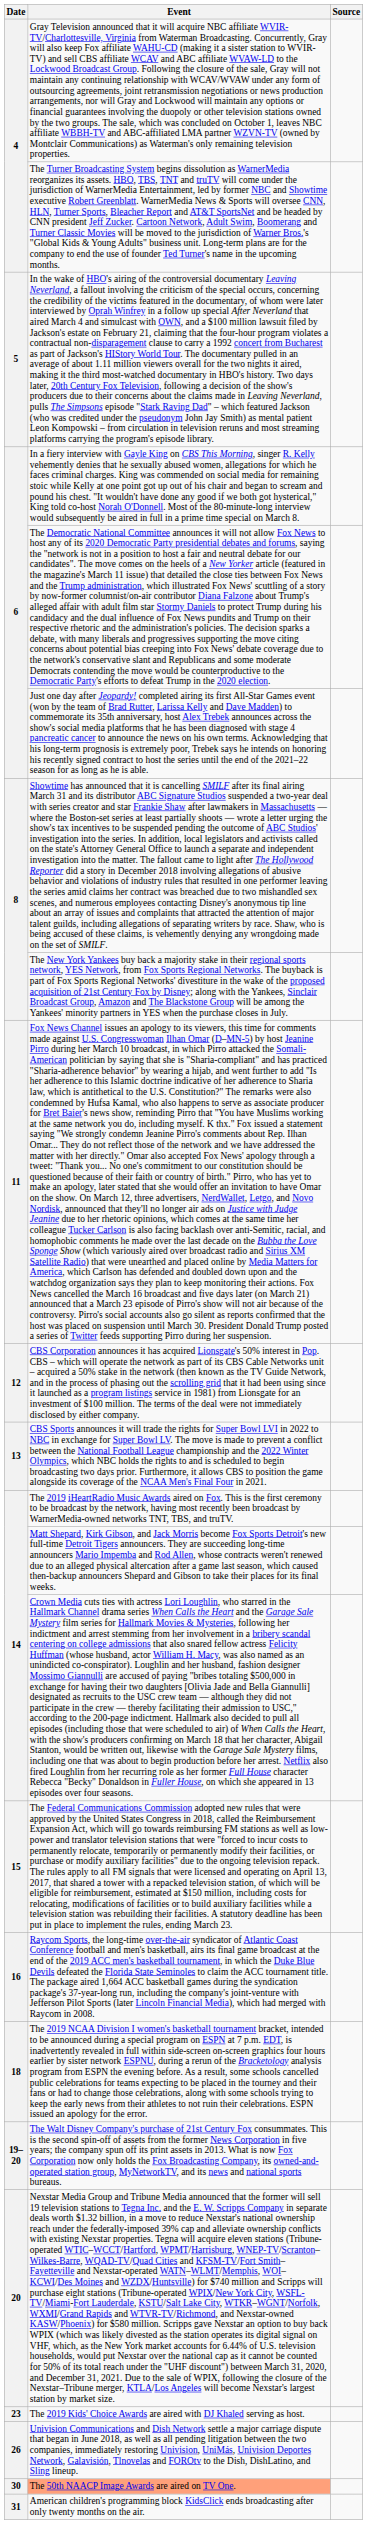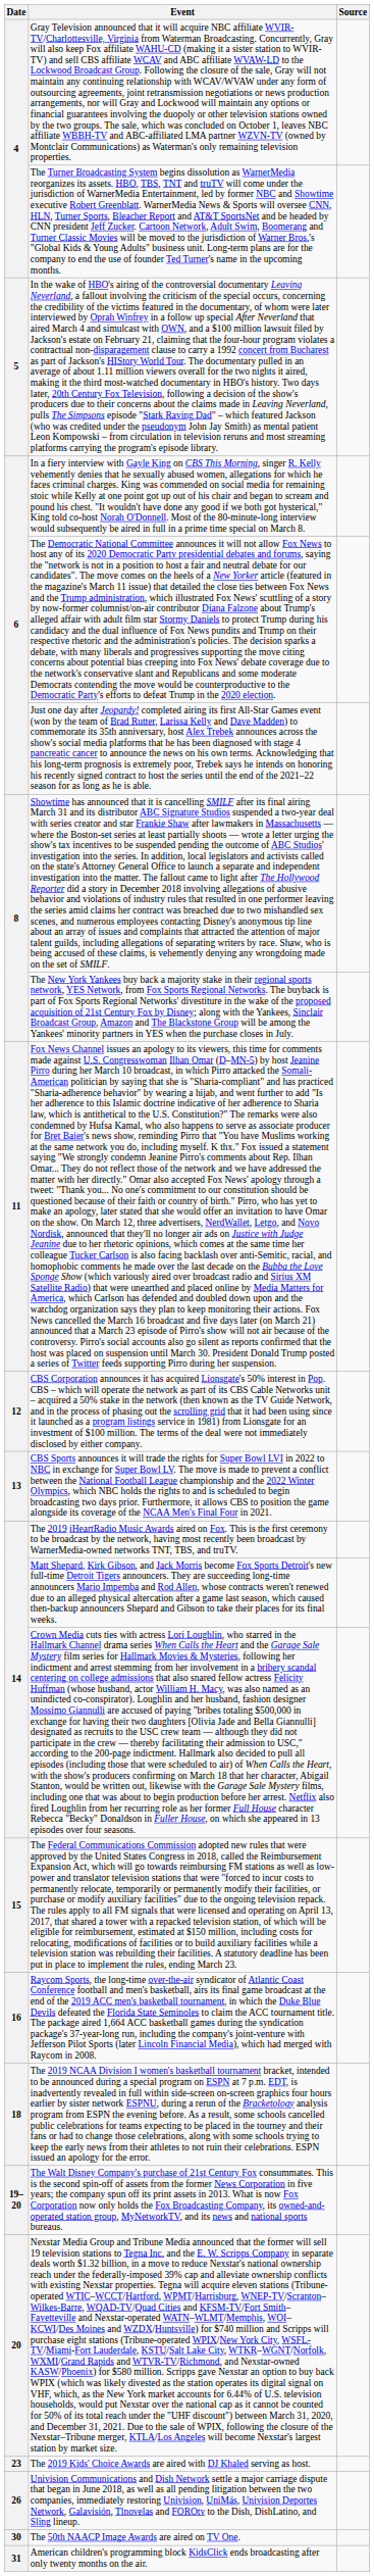 <table class="wikitable">
 <tr>
 <th>Date</th>
 <th>Event</th>
 <th>Source</th>
 </tr>
 <tr>
 <th rowspan=2>4</th>
 <td>Gray Television announced that it will acquire NBC affiliate <a href='#'>WVIR-TV</a>/<a href='#'>Charlottesville, Virginia</a> from Waterman Broadcasting. Concurrently, Gray will also keep Fox affiliate <a href='#'>WAHU-CD</a> (making it a sister station to WVIR-TV) and sell CBS affiliate <a href='#'>WCAV</a> and ABC affiliate <a href='#'>WVAW-LD</a> to the <a href='#'>Lockwood Broadcast Group</a>. Following the closure of the sale, Gray will not maintain any continuing relationship with WCAV/WVAW under any form of outsourcing agreements, joint retransmission negotiations or news production arrangements, nor will Gray and Lockwood will maintain any options or financial guarantees involving the duopoly or other television stations owned by the two groups. The sale, which was concluded on October 1, leaves NBC affiliate <a href='#'>WBBH-TV</a> and ABC-affiliated LMA partner <a href='#'>WZVN-TV</a> (owned by Montclair Communications) as Waterman's only remaining television properties.</td>
 <td><br></td>
 </tr>
 <tr>
 <td>The <a href='#'>Turner Broadcasting System</a> begins dissolution as <a href='#'>WarnerMedia</a> reorganizes its assets. <a href='#'>HBO</a>, <a href='#'>TBS</a>, <a href='#'>TNT</a> and <a href='#'>truTV</a> will come under the jurisdiction of WarnerMedia Entertainment, led by former <a href='#'>NBC</a> and <a href='#'>Showtime</a> executive <a href='#'>Robert Greenblatt</a>. WarnerMedia News & Sports will oversee <a href='#'>CNN</a>, <a href='#'>HLN</a>, <a href='#'>Turner Sports</a>, <a href='#'>Bleacher Report</a> and <a href='#'>AT&T SportsNet</a> and be headed by CNN president <a href='#'>Jeff Zucker</a>. <a href='#'>Cartoon Network</a>, <a href='#'>Adult Swim</a>, <a href='#'>Boomerang</a> and <a href='#'>Turner Classic Movies</a> will be moved to the jurisdiction of <a href='#'>Warner Bros.</a>'s "Global Kids & Young Adults" business unit. Long-term plans are for the company to end the use of founder <a href='#'>Ted Turner</a>'s name in the upcoming months.</td>
 <td></td>
 </tr>
 <tr>
 <th>5</th>
 <td>In the wake of <a href='#'>HBO</a>'s airing of the controversial documentary <em><a href='#'>Leaving Neverland</a></em>, a fallout involving the criticism of the special occurs, concerning the credibility of the victims featured in the documentary, of whom were later interviewed by <a href='#'>Oprah Winfrey</a> in a follow up special <em>After Neverland</em> that aired March 4 and simulcast with <a href='#'>OWN</a>, and a $100 million lawsuit filed by Jackson's estate on February 21, claiming that the four-hour program violates a contractual non-<a href='#'>disparagement</a> clause to carry a 1992 <a href='#'>concert from Bucharest</a> as part of Jackson's <a href='#'>HIStory World Tour</a>. The documentary pulled in an average of about 1.11 million viewers overall for the two nights it aired, making it the third most-watched documentary in HBO's history. Two days later, <a href='#'>20th Century Fox Television</a>, following a decision of the show's producers due to their concerns about the claims made in <em>Leaving Neverland</em>, pulls <em><a href='#'>The Simpsons</a></em> episode "<a href='#'>Stark Raving Dad</a>" – which featured Jackson (who was credited under the <a href='#'>pseudonym</a> John Jay Smith) as mental patient Leon Kompowski – from circulation in television reruns and most streaming platforms carrying the program's episode library.</td>
 <td><br><br></td>
 </tr>
 <tr>
 <th rowspan=3>6</th>
 <td>In a fiery interview with <a href='#'>Gayle King</a> on <em><a href='#'>CBS This Morning</a></em>, singer <a href='#'>R. Kelly</a> vehemently denies that he sexually abused women, allegations for which he faces criminal charges. King was commended on social media for remaining stoic while Kelly at one point got up out of his chair and began to scream and pound his chest. "It wouldn't have done any good if we both got hysterical," King told co-host <a href='#'>Norah O'Donnell</a>. Most of the 80-minute-long interview would subsequently be aired in full in a prime time special on March 8.</td>
 <td></td>
 </tr>
 <tr>
 <td>The <a href='#'>Democratic National Committee</a> announces it will not allow <a href='#'>Fox News</a> to host any of its <a href='#'>2020 Democratic Party presidential debates and forums</a>, saying the "network is not in a position to host a fair and neutral debate for our candidates". The move comes on the heels of a <em><a href='#'>New Yorker</a></em> article (featured in the magazine's March 11 issue) that detailed the close ties between Fox News and the <a href='#'>Trump administration</a>, which illustrated Fox News' scuttling of a story by now-former columnist/on-air contributor <a href='#'>Diana Falzone</a> about Trump's alleged affair with adult film star <a href='#'>Stormy Daniels</a> to protect Trump during his candidacy and the dual influence of Fox News pundits and Trump on their respective rhetoric and the administration's policies. The decision sparks a debate, with many liberals and progressives supporting the move citing concerns about potential bias creeping into Fox News' debate coverage due to the network's conservative slant and Republicans and some moderate Democrats contending the move would be counterproductive to the <a href='#'>Democratic Party</a>'s efforts to defeat Trump in the <a href='#'>2020 election</a>.</td>
 <td><br></td>
 </tr>
 <tr>
 <td>Just one day after <em><a href='#'>Jeopardy!</a></em> completed airing its first All-Star Games event (won by the team of <a href='#'>Brad Rutter</a>, <a href='#'>Larissa Kelly</a> and <a href='#'>Dave Madden</a>) to commemorate its 35th anniversary, host <a href='#'>Alex Trebek</a> announces across the show's social media platforms that he has been diagnosed with stage 4 <a href='#'>pancreatic cancer</a> to announce the news on his own terms. Acknowledging that his long-term prognosis is extremely poor, Trebek says he intends on honoring his recently signed contract to host the series until the end of the 2021–22 season for as long as he is able.</td>
 <td></td>
 </tr>
 <tr>
 <th rowspan=2>8</th>
 <td><a href='#'>Showtime</a> has announced that it is cancelling <em><a href='#'>SMILF</a></em> after its final airing March 31 and its distributor <a href='#'>ABC Signature Studios</a> suspended a two-year deal with series creator and star <a href='#'>Frankie Shaw</a> after lawmakers in <a href='#'>Massachusetts</a> — where the Boston-set series at least partially shoots — wrote a letter urging the show's tax incentives to be suspended pending the outcome of <a href='#'>ABC Studios</a>' investigation into the series. In addition, local legislators and activists called on the state's Attorney General Office to launch a separate and independent investigation into the matter. The fallout came to light after <em><a href='#'>The Hollywood Reporter</a></em> did a story in December 2018 involving allegations of abusive behavior and violations of industry rules that resulted in one performer leaving the series amid claims her contract was breached due to two mishandled sex scenes, and numerous employees contacting Disney's anonymous tip line about an array of issues and complaints that attracted the attention of major talent guilds, including allegations of separating writers by race. Shaw, who is being accused of these claims, is vehemently denying any wrongdoing made on the set of <em>SMILF</em>.</td>
 <td></td>
 </tr>
 <tr>
 <td>The <a href='#'>New York Yankees</a> buy back a majority stake in their <a href='#'>regional sports network</a>, <a href='#'>YES Network</a>, from <a href='#'>Fox Sports Regional Networks</a>. The buyback is part of Fox Sports Regional Networks' divestiture in the wake of the <a href='#'>proposed acquisition of 21st Century Fox by Disney</a>; along with the Yankees, <a href='#'>Sinclair Broadcast Group</a>, <a href='#'>Amazon</a> and <a href='#'>The Blackstone Group</a> will be among the Yankees' minority partners in YES when the purchase closes in July.</td>
 <td></td>
 </tr>
 <tr>
 <th>11</th>
 <td><a href='#'>Fox News Channel</a> issues an apology to its viewers, this time for comments made against <a href='#'>U.S. Congresswoman</a> <a href='#'>Ilhan Omar</a> (<a href='#'>D</a>–<a href='#'>MN-5</a>) by host <a href='#'>Jeanine Pirro</a> during her March 10 broadcast, in which Pirro attacked the <a href='#'>Somali-American</a> politician by saying that she is "Sharia-compliant" and has practiced "Sharia-adherence behavior" by wearing a hijab, and went further to add "Is her adherence to this Islamic doctrine indicative of her adherence to Sharia law, which is antithetical to the U.S. Constitution?" The remarks were also condemned by Hufsa Kamal, who also happens to serve as associate producer for <a href='#'>Bret Baier</a>'s news show, reminding Pirro that "You have Muslims working at the same network you do, including myself. K thx." Fox issued a statement saying "We strongly condemn Jeanine Pirro's comments about Rep. Ilhan Omar... They do not reflect those of the network and we have addressed the matter with her directly." Omar also accepted Fox News' apology through a tweet: "Thank you... No one's commitment to our constitution should be questioned because of their faith or country of birth." Pirro, who has yet to make an apology, later stated that she would offer an invitation to have Omar on the show. On March 12, three advertisers, <a href='#'>NerdWallet</a>, <a href='#'>Letgo</a>, and <a href='#'>Novo Nordisk</a>, announced that they'll no longer air ads on <em><a href='#'>Justice with Judge Jeanine</a></em> due to her rhetoric opinions, which comes at the same time her colleague <a href='#'>Tucker Carlson</a> is also facing backlash over anti-Semitic, racial, and homophobic comments he made over the last decade on the <em><a href='#'>Bubba the Love Sponge</a> Show</em> (which variously aired over broadcast radio and <a href='#'>Sirius XM Satellite Radio</a>) that were unearthed and placed online by <a href='#'>Media Matters for America</a>, which Carlson has defended and doubled down upon and the watchdog organization says they plan to keep monitoring their actions. Fox News cancelled the March 16 broadcast and five days later (on March 21) announced that a March 23 episode of Pirro's show will not air because of the controversy. Pirro's social accounts also go silent as reports confirmed that the host was placed on suspension until March 30. President Donald Trump posted a series of <a href='#'>Twitter</a> feeds supporting Pirro during her suspension.</td>
 <td><br><br></td>
 </tr>
 <tr>
 <th>12</th>
 <td><a href='#'>CBS Corporation</a> announces it has acquired <a href='#'>Lionsgate</a>'s 50% interest in <a href='#'>Pop</a>. CBS – which will operate the network as part of its CBS Cable Networks unit – acquired a 50% stake in the network (then known as the TV Guide Network, and in the process of phasing out the <a href='#'>scrolling grid</a> that it had been using since it launched as a <a href='#'>program listings</a> service in 1981) from Lionsgate for an investment of $100 million. The terms of the deal were not immediately disclosed by either company.</td>
 <td></td>
 </tr>
 <tr>
 <th>13</th>
 <td><a href='#'>CBS Sports</a> announces it will trade the rights for <a href='#'>Super Bowl LVI</a> in 2022 to <a href='#'>NBC</a> in exchange for <a href='#'>Super Bowl LV</a>. The move is made to prevent a conflict between the <a href='#'>National Football League</a> championship and the <a href='#'>2022 Winter Olympics</a>, which NBC holds the rights to and is scheduled to begin broadcasting two days prior. Furthermore, it allows CBS to position the game alongside its coverage of the <a href='#'>NCAA Men's Final Four</a> in 2021.</td>
 <td></td>
 </tr>
 <tr>
 <th rowspan=3>14</th>
 <td>The <a href='#'>2019</a> <a href='#'>iHeartRadio Music Awards</a> aired on <a href='#'>Fox</a>. This is the first ceremony to be broadcast by the network, having most recently been broadcast by WarnerMedia-owned networks TNT, TBS, and truTV.</td>
 <td></td>
 </tr>
 <tr>
 <td><a href='#'>Matt Shepard</a>, <a href='#'>Kirk Gibson</a>, and <a href='#'>Jack Morris</a> become <a href='#'>Fox Sports Detroit</a>'s new full-time <a href='#'>Detroit Tigers</a> announcers. They are succeeding long-time announcers <a href='#'>Mario Impemba</a> and <a href='#'>Rod Allen</a>, whose contracts weren't renewed due to an alleged physical altercation after a game last season, which caused then-backup announcers Shepard and Gibson to take their places for its final weeks.</td>
 <td></td>
 </tr>
 <tr>
 <td><a href='#'>Crown Media</a> cuts ties with actress <a href='#'>Lori Loughlin</a>, who starred in the <a href='#'>Hallmark Channel</a> drama series <em><a href='#'>When Calls the Heart</a></em> and the <em><a href='#'>Garage Sale Mystery</a></em> film series for <a href='#'>Hallmark Movies & Mysteries</a>, following her indictment and arrest stemming from her involvement in a <a href='#'>bribery scandal centering on college admissions</a> that also snared fellow actress <a href='#'>Felicity Huffman</a> (whose husband, actor <a href='#'>William H. Macy</a>, was also named as an unindicted co-conspirator). Loughlin and her husband, fashion designer <a href='#'>Mossimo Giannulli</a> are accused of paying "bribes totaling $500,000 in exchange for having their two daughters [Olivia Jade and Bella Giannulli] designated as recruits to the USC crew team — although they did not participate in the crew — thereby facilitating their admission to USC," according to the 200-page indictment. Hallmark also decided to pull all episodes (including those that were scheduled to air) of <em>When Calls the Heart</em>, with the show's producers confirming on March 18 that her character, Abigail Stanton, would be written out, likewise with the <em>Garage Sale Mystery</em> films, including one that was about to begin production before her arrest. <a href='#'>Netflix</a> also fired Loughlin from her recurring role as her former <em><a href='#'>Full House</a></em> character Rebecca "Becky" Donaldson in <em><a href='#'>Fuller House</a></em>, on which she appeared in 13 episodes over four seasons.</td>
 <td></td>
 </tr>
 <tr>
 <th>15</th>
 <td>The <a href='#'>Federal Communications Commission</a> adopted new rules that were approved by the United States Congress in 2018, called the Reimbursement Expansion Act, which will go towards reimbursing FM stations as well as low-power and translator television stations that were "forced to incur costs to permanently relocate, temporarily or permanently modify their facilities, or purchase or modify auxiliary facilities" due to the ongoing television repack. The rules apply to all FM signals that were licensed and operating on April 13, 2017, that shared a tower with a repacked television station, of which will be eligible for reimbursement, estimated at $150 million, including costs for relocating, modifications of facilities or to build auxiliary facilities while a television station was rebuilding their facilities. A statutory deadline has been put in place to implement the rules, ending March 23.</td>
 <td></td>
 </tr>
 <tr>
 <th>16</th>
 <td><a href='#'>Raycom Sports</a>, the long-time <a href='#'>over-the-air</a> syndicator of <a href='#'>Atlantic Coast Conference</a> football and men's basketball, airs its final game broadcast at the end of the <a href='#'>2019 ACC men's basketball tournament</a>, in which the <a href='#'>Duke Blue Devils</a> defeated the <a href='#'>Florida State Seminoles</a> to claim the ACC tournament title. The package aired 1,664 ACC basketball games during the syndication package's 37-year-long run, including the company's joint-venture with Jefferson Pilot Sports (later <a href='#'>Lincoln Financial Media</a>), which had merged with Raycom in 2008.</td>
 <td></td>
 </tr>
 <tr>
 <th>18</th>
 <td>The <a href='#'>2019 NCAA Division I women's basketball tournament</a> bracket, intended to be announced during a special program on <a href='#'>ESPN</a> at 7 p.m. <a href='#'>EDT</a>, is inadvertently revealed in full within side-screen on-screen graphics four hours earlier by sister network <a href='#'>ESPNU</a>, during a rerun of the <em><a href='#'>Bracketology</a></em> analysis program from ESPN the evening before. As a result, some schools cancelled public celebrations for teams expecting to be placed in the tourney and their fans or had to change those celebrations, along with some schools trying to keep the early news from their athletes to not ruin their celebrations. ESPN issued an apology for the error.</td>
 <td></td>
 </tr>
 <tr>
 <th>19–20</th>
 <td><a href='#'>The Walt Disney Company's purchase of 21st Century Fox</a> consummates. This is the second spin-off of assets from the former <a href='#'>News Corporation</a> in five years; the company spun off its print assets in 2013. What is now <a href='#'>Fox Corporation</a> now only holds the <a href='#'>Fox Broadcasting Company</a>, its <a href='#'>owned-and-operated station group</a>, <a href='#'>MyNetworkTV</a>, and its <a href='#'>news</a> and <a href='#'>national sports</a> bureaus.</td>
 <td></td>
 </tr>
 <tr>
 <th>20</th>
 <td>Nexstar Media Group and Tribune Media announced that the former will sell 19 television stations to <a href='#'>Tegna Inc.</a> and the <a href='#'>E. W. Scripps Company</a> in separate deals worth $1.32 billion, in a move to reduce Nexstar's national ownership reach under the federally-imposed 39% cap and alleviate ownership conflicts with existing Nexstar properties. Tegna will acquire eleven stations (Tribune-operated <a href='#'>WTIC</a>–<a href='#'>WCCT</a>/<a href='#'>Hartford</a>, <a href='#'>WPMT</a>/<a href='#'>Harrisburg</a>, <a href='#'>WNEP-TV</a>/<a href='#'>Scranton</a>–<a href='#'>Wilkes-Barre</a>, <a href='#'>WQAD-TV</a>/<a href='#'>Quad Cities</a> and <a href='#'>KFSM-TV</a>/<a href='#'>Fort Smith</a>–<a href='#'>Fayetteville</a> and Nexstar-operated <a href='#'>WATN</a>–<a href='#'>WLMT</a>/<a href='#'>Memphis</a>, <a href='#'>WOI</a>–<a href='#'>KCWI</a>/<a href='#'>Des Moines</a> and <a href='#'>WZDX</a>/<a href='#'>Huntsville</a>) for $740 million and Scripps will purchase eight stations (Tribune-operated <a href='#'>WPIX</a>/<a href='#'>New York City</a>, <a href='#'>WSFL-TV</a>/<a href='#'>Miami</a>-<a href='#'>Fort Lauderdale</a>, <a href='#'>KSTU</a>/<a href='#'>Salt Lake City</a>, <a href='#'>WTKR</a>–<a href='#'>WGNT</a>/<a href='#'>Norfolk</a>, <a href='#'>WXMI</a>/<a href='#'>Grand Rapids</a> and <a href='#'>WTVR-TV</a>/<a href='#'>Richmond</a>, and Nexstar-owned <a href='#'>KASW</a>/<a href='#'>Phoenix</a>) for $580 million. Scripps gave Nexstar an option to buy back WPIX (which was likely divested as the station operates its digital signal on VHF, which, as the New York market accounts for 6.44% of U.S. television households, would put Nexstar over the national cap as it cannot be counted for 50% of its total reach under the "UHF discount") between March 31, 2020, and December 31, 2021. Due to the sale of WPIX, following the closure of the Nexstar–Tribune merger, <a href='#'>KTLA</a>/<a href='#'>Los Angeles</a> will become Nexstar's largest station by market size.</td>
 <td></td>
 </tr>
 <tr>
 <th>23</th>
 <td>The <a href='#'>2019 Kids' Choice Awards</a> are aired with <a href='#'>DJ Khaled</a> serving as host.</td>
 <td></td>
 </tr>
 <tr>
 <th>26</th>
 <td><a href='#'>Univision Communications</a> and <a href='#'>Dish Network</a> settle a major carriage dispute that began in June 2018, as well as all pending litigation between the two companies, immediately restoring <a href='#'>Univision</a>, <a href='#'>UniMás</a>, <a href='#'>Univision Deportes Network</a>, <a href='#'>Galavisión</a>, <a href='#'>Tlnovelas</a> and <a href='#'>FOROtv</a> to the Dish, DishLatino, and <a href='#'>Sling</a> lineup.</td>
 <td></td>
 </tr>
 <tr>
 <th>30</th>
-<td style="background: lightsalmon;">The <a href='#'>50th NAACP Image Awards</a> are aired on <a href='#'>TV One</a>.</td>
+<td>The <a href='#'>50th NAACP Image Awards</a> are aired on <a href='#'>TV One</a>.</td>
 <td></td>
 </tr>
 <tr>
 <th>31</th>
 <td>American children's programming block <a href='#'>KidsClick</a> ends broadcasting after only twenty months on the air.</td>
 </tr>
 </table>
